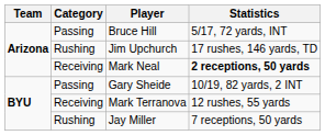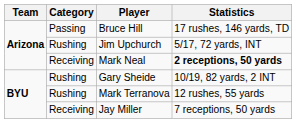 <table class="wikitable" style="float: left;">
 <tr>
 <th>Team</th>
 <th>Category</th>
 <th>Player</th>
 <th>Statistics</th>
 </tr>
 <tr>
 <td rowspan=3><strong>Arizona</strong></td>
 <td>Passing</td>
 <td>Bruce Hill</td>
-<td>5/17, 72 yards, INT</td>
+<td>17 rushes, 146 yards, TD</td>
 </tr>
 <tr>
 <td>Rushing</td>
 <td>Jim Upchurch</td>
-<td>17 rushes, 146 yards, TD</td>
+<td>5/17, 72 yards, INT</td>
 </tr>
 <tr>
 <td>Receiving</td>
 <td>Mark Neal</td>
 <td><strong>2 receptions, 50 yards</strong></td>
 </tr>
 <tr>
 <td rowspan=3><strong>BYU</strong></td>
-<td>Passing</td>
+<td>Rushing</td>
 <td>Gary Sheide</td>
 <td>10/19, 82 yards, 2 INT</td>
 </tr>
 <tr>
-<td>Receiving</td>
+<td>Rushing</td>
 <td>Mark Terranova</td>
 <td>12 rushes, 55 yards</td>
 </tr>
 <tr>
-<td>Rushing</td>
+<td>Receiving</td>
 <td>Jay Miller</td>
 <td>7 receptions, 50 yards</td>
 </tr>
 </table>
